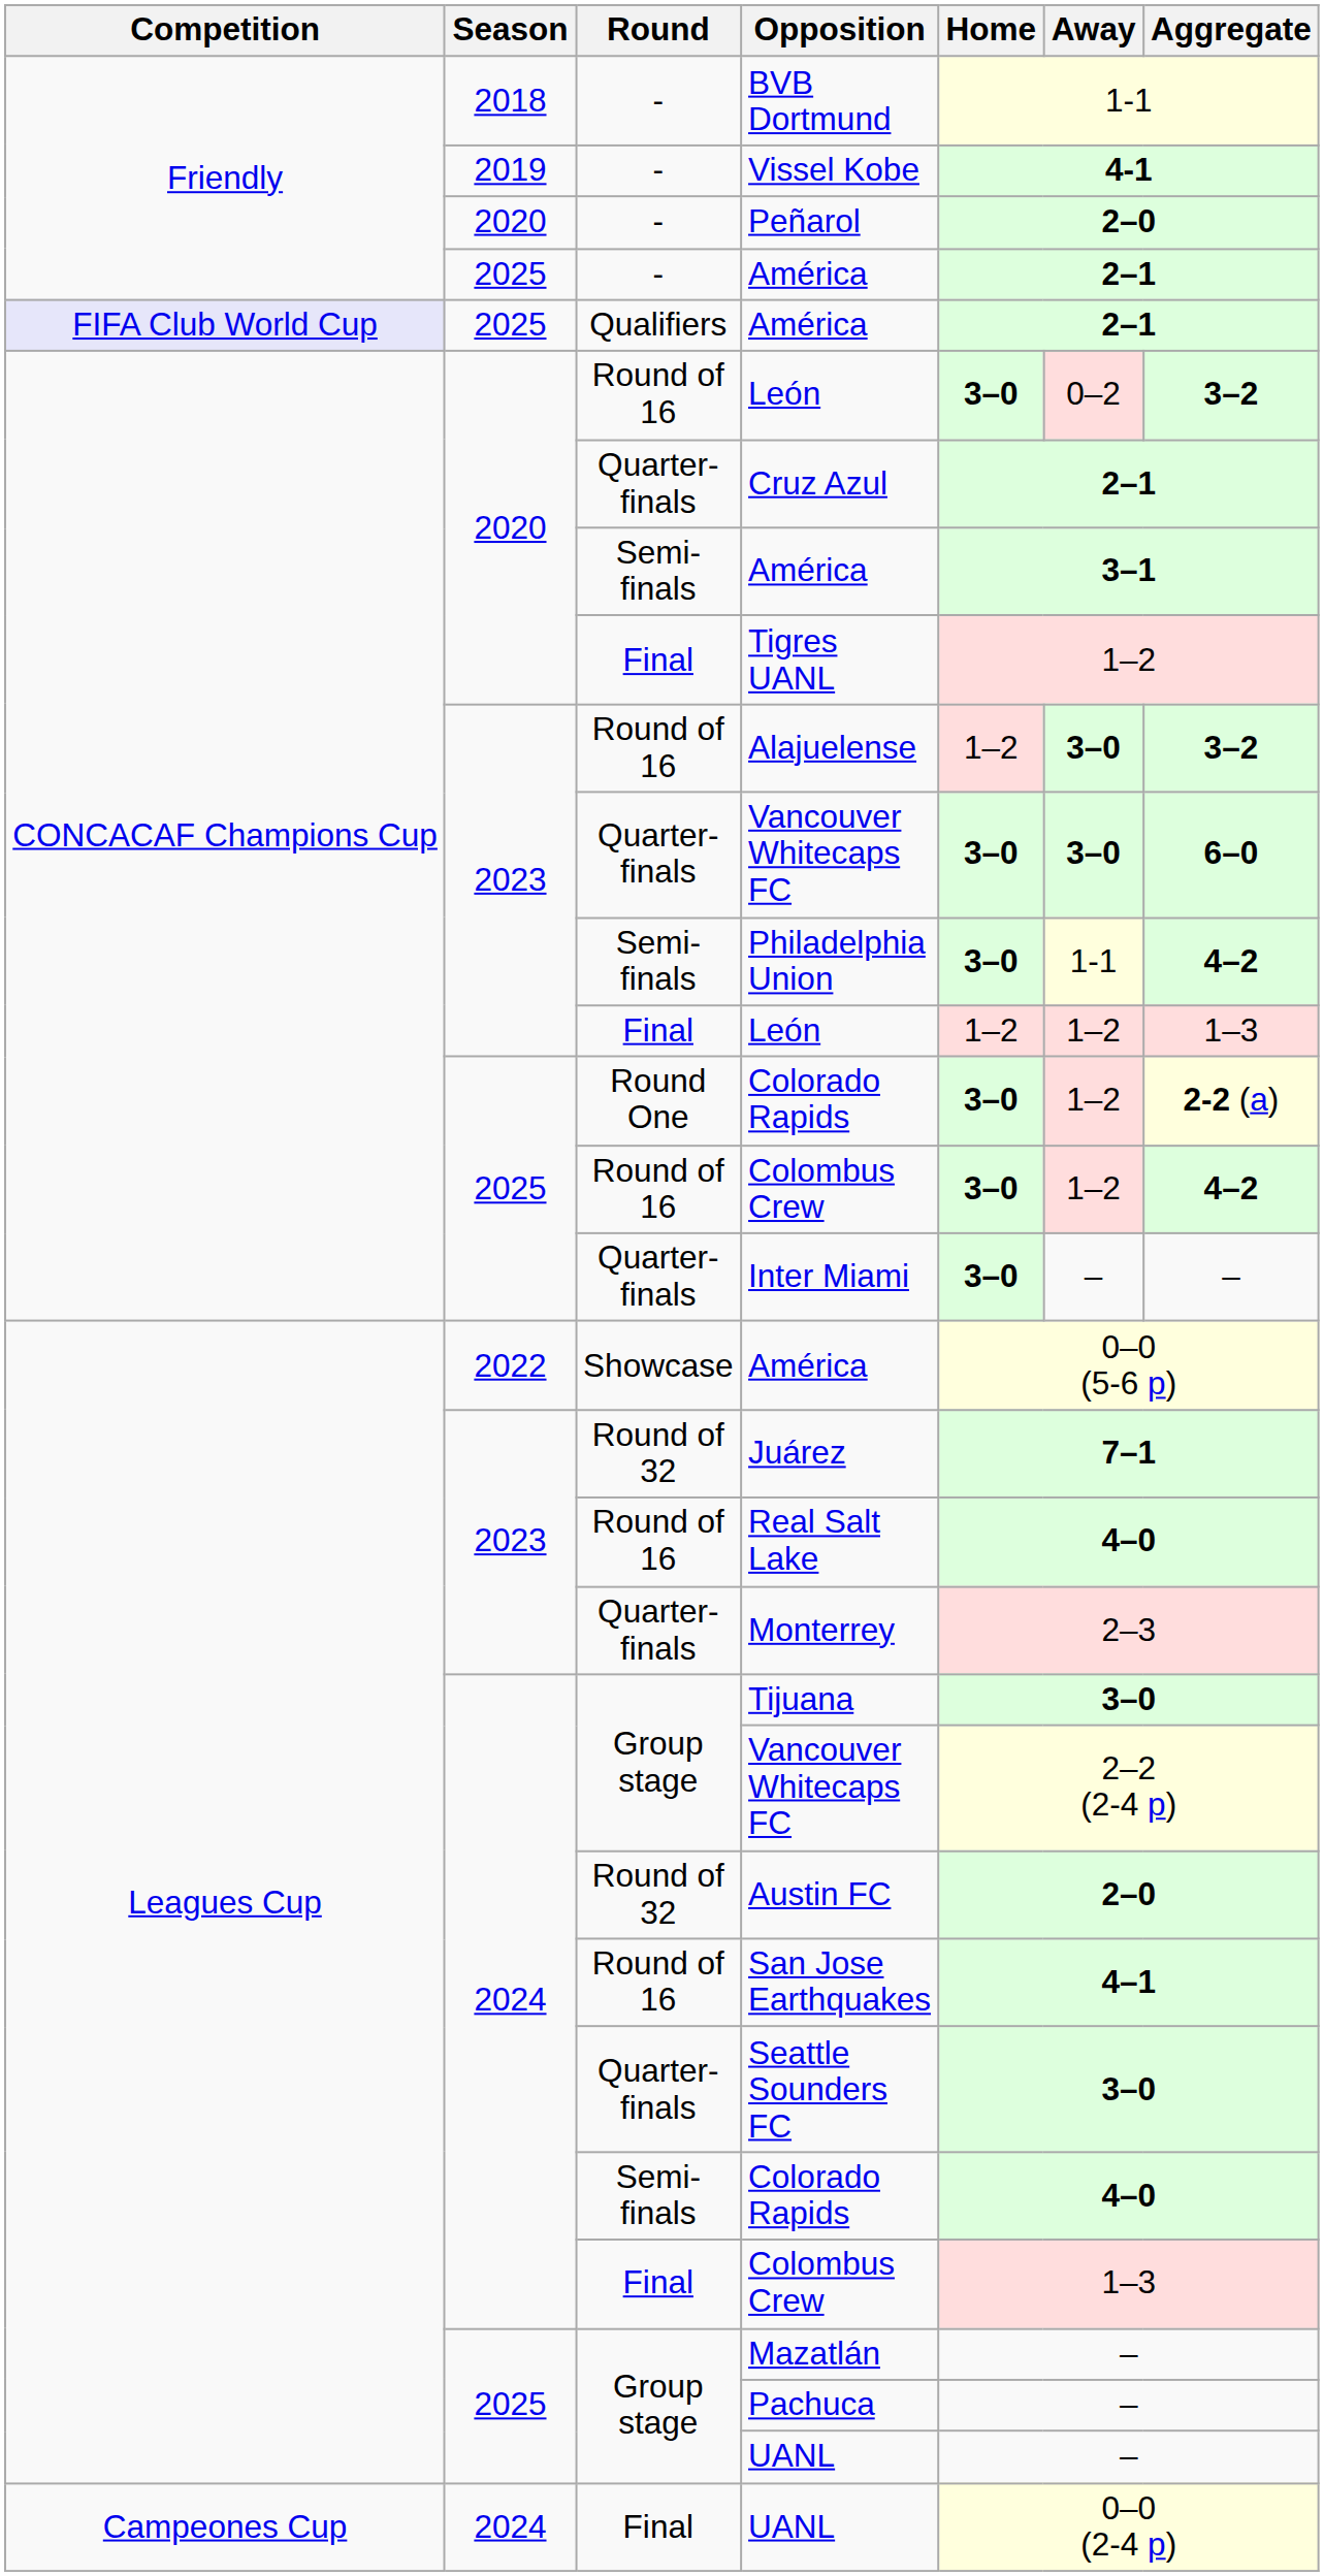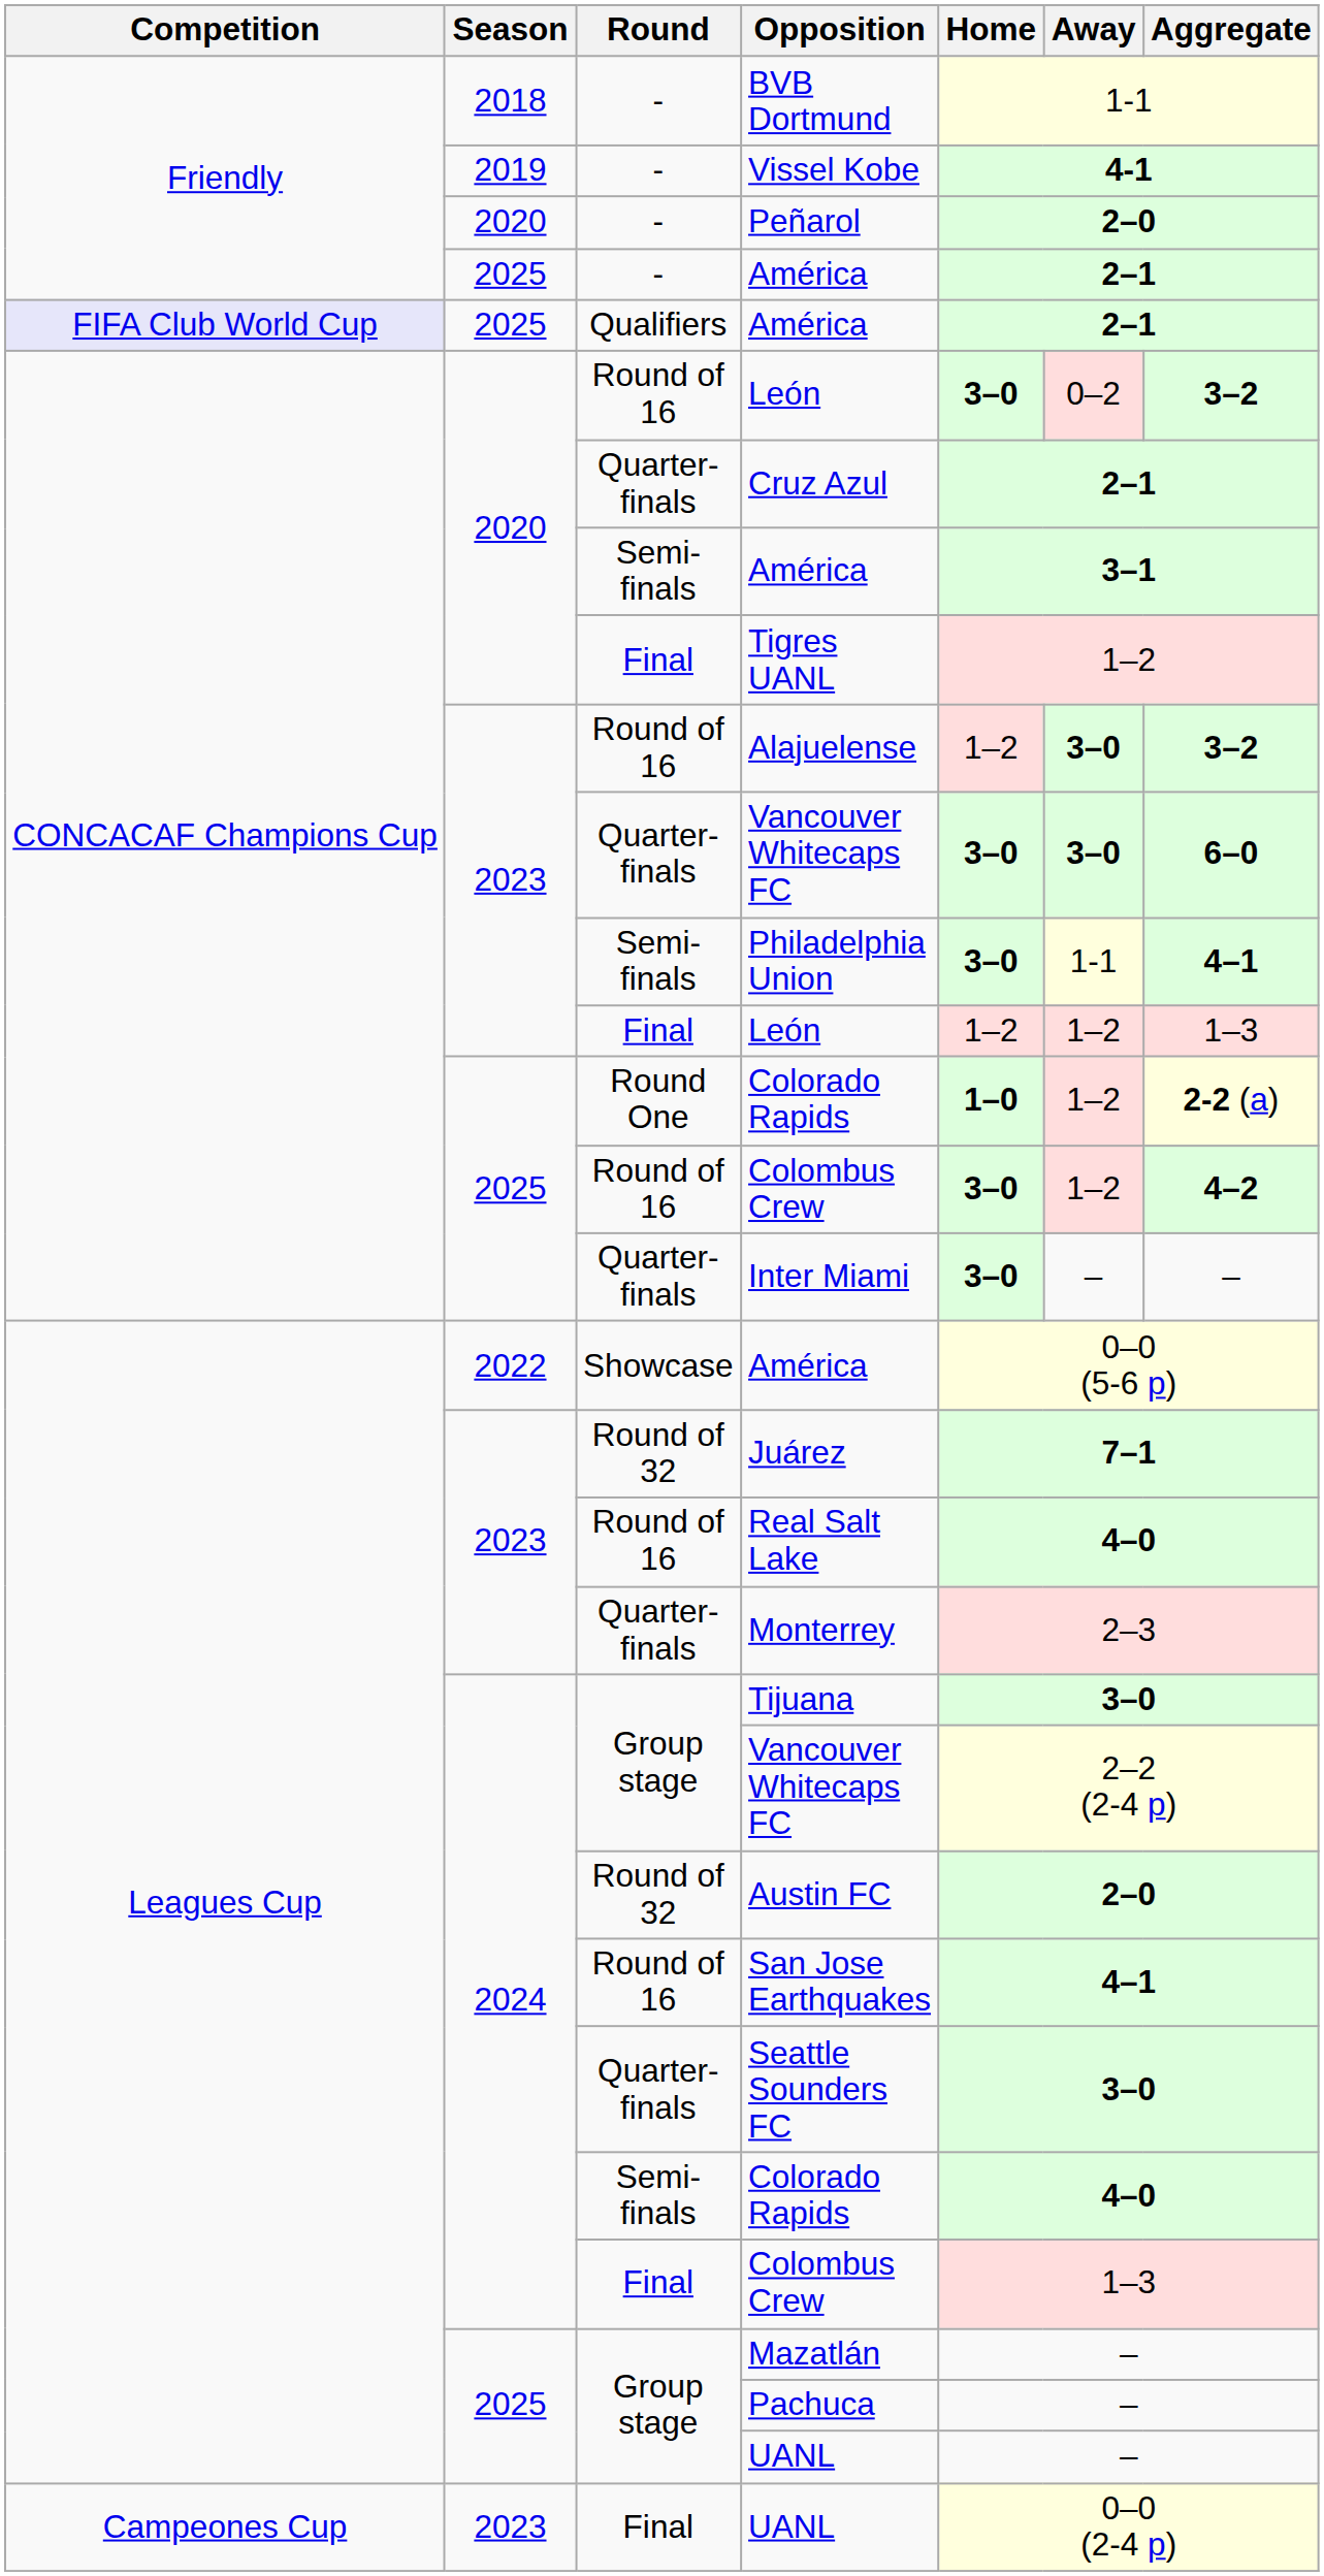 <table class="wikitable collapsible sortable" style="text-align:center; ">
 <tr>
 <th>Competition</th>
 <th>Season</th>
 <th width=1>Round</th>
 <th width=1>Opposition</th>
 <th>Home</th>
 <th>Away</th>
 <th>Aggregate</th>
 </tr>
 <tr>
 <td rowspan="4"><a href='#'>Friendly</a></td>
 <td><a href='#'>2018</a></td>
 <td>-</td>
 <td style="text-align:left;"> <a href='#'>BVB Dortmund</a></td>
 <td colspan="3" style="text-align:center; background:#ffd;">1-1</td>
 </tr>
 <tr>
 <td><a href='#'>2019</a></td>
 <td>-</td>
 <td style="text-align:left;"> <a href='#'>Vissel Kobe</a></td>
 <td colspan="3" style="text-align:center; background:#dfd;"><strong>4-1</strong></td>
 </tr>
 <tr>
 <td><a href='#'>2020</a></td>
 <td>-</td>
 <td style="text-align:left;"> <a href='#'>Peñarol</a></td>
 <td colspan="3" style="text-align:center; background:#dfd;"><strong>2–0</strong></td>
 </tr>
 <tr>
 <td><a href='#'>2025</a></td>
 <td>-</td>
 <td style="text-align:left;"> <a href='#'>América</a></td>
 <td colspan="3" style="text-align:center; background:#dfd;"><strong>2–1</strong></td>
 </tr>
 <tr>
 <td style="background: lavender;"><a href='#'>FIFA Club World Cup</a></td>
 <td><a href='#'>2025</a></td>
 <td>Qualifiers</td>
 <td style="text-align:left;"><a href='#'>América</a></td>
 <td colspan=3 style="text-align:center; background:#dfd;"><strong>2–1</strong></td>
 </tr>
 <tr>
 <td rowspan="11"><a href='#'>CONCACAF Champions Cup</a></td>
 <td rowspan="4"><a href='#'>2020</a></td>
 <td>Round of 16</td>
 <td style="text-align:left;"> <a href='#'>León</a></td>
 <td style="text-align:center; background:#dfd;"><strong>3–0</strong></td>
 <td style="text-align:center; background:#fdd;">0–2</td>
 <td style="text-align:center; background:#dfd;"><strong>3–2</strong></td>
 </tr>
 <tr>
 <td>Quarter-finals</td>
 <td style="text-align:left;"> <a href='#'>Cruz Azul</a></td>
 <td colspan=3 style="text-align:center; background:#dfd;"><strong>2–1</strong></td>
 </tr>
 <tr>
 <td>Semi-finals</td>
 <td style="text-align:left;"> <a href='#'>América</a></td>
 <td colspan=3 style="text-align:center; background:#dfd;"><strong>3–1</strong></td>
 </tr>
 <tr>
 <td><a href='#'>Final</a></td>
 <td style="text-align:left;"> <a href='#'>Tigres UANL</a></td>
 <td colspan=3 style="text-align:center; background:#fdd;">1–2</td>
 </tr>
 <tr>
 <td rowspan="4"><a href='#'>2023</a></td>
 <td>Round of 16</td>
 <td style="text-align:left;"> <a href='#'>Alajuelense</a></td>
 <td style="text-align:center; background:#fdd;">1–2</td>
 <td style="text-align:center; background:#dfd;"><strong>3–0</strong></td>
 <td style="text-align:center; background:#dfd;"><strong>3–2</strong></td>
 </tr>
 <tr>
 <td>Quarter-finals</td>
 <td style="text-align:left;"> <a href='#'>Vancouver Whitecaps FC</a></td>
 <td style="text-align:center; background:#dfd;"><strong>3–0</strong></td>
 <td style="text-align:center; background:#dfd;"><strong>3–0</strong></td>
 <td style="text-align:center; background:#dfd;"><strong>6–0</strong></td>
 </tr>
 <tr>
 <td>Semi-finals</td>
 <td style="text-align:left;"> <a href='#'>Philadelphia Union</a></td>
 <td style="text-align:center; background:#dfd;"><strong>3–0</strong></td>
 <td style="text-align:center; background:#ffd;">1-1</td>
-<td style="text-align:center; background:#dfd;"><strong>4–2</strong></td>
+<td style="text-align:center; background:#dfd;"><strong>4–1</strong></td>
 </tr>
 <tr>
 <td><a href='#'>Final</a></td>
 <td style="text-align:left;"> <a href='#'>León</a></td>
 <td style="text-align:center; background:#fdd;">1–2</td>
 <td style="text-align:center; background:#fdd;">1–2</td>
 <td style="text-align:center; background:#fdd;">1–3</td>
 </tr>
 <tr>
 <td rowspan="3"><a href='#'>2025</a></td>
 <td>Round One</td>
 <td style="text-align:left;"> <a href='#'>Colorado Rapids</a></td>
-<td style="text-align:center; background:#dfd;"><strong>3–0</strong></td>
+<td style="text-align:center; background:#dfd;"><strong>1–0</strong></td>
 <td style="text-align:center; background:#fdd;">1–2</td>
 <td style="text-align:center; background:#ffd;"><strong>2-2</strong> (<a href='#'>a</a>)</td>
 </tr>
 <tr>
 <td>Round of 16</td>
 <td style="text-align:left;"> <a href='#'>Colombus Crew</a></td>
 <td style="text-align:center; background:#dfd;"><strong>3–0</strong></td>
 <td style="text-align:center; background:#fdd;">1–2</td>
 <td style="text-align:center; background:#dfd;"><strong>4–2</strong></td>
 </tr>
 <tr>
 <td>Quarter-finals</td>
 <td style="text-align:left;"> <a href='#'>Inter Miami</a></td>
 <td style="text-align:center; background:#dfd;"><strong>3–0</strong></td>
 <td>–</td>
 <td>–</td>
 </tr>
 <tr>
 <td rowspan="14"><a href='#'>Leagues Cup</a></td>
 <td><a href='#'>2022</a></td>
 <td>Showcase</td>
 <td style="text-align:left;"> <a href='#'>América</a></td>
 <td colspan=3 style="text-align:center; background:#ffd;">0–0 <br>(5-6 <a href='#'>p</a>)</td>
 </tr>
 <tr>
 <td rowspan="3"><a href='#'>2023</a></td>
 <td>Round of 32</td>
 <td style="text-align:left;"> <a href='#'>Juárez</a></td>
 <td colspan=3 style="text-align:center; background:#dfd;"><strong>7–1</strong></td>
 </tr>
 <tr>
 <td>Round of 16</td>
 <td style="text-align:left;"> <a href='#'>Real Salt Lake</a></td>
 <td colspan=3 style="text-align:center; background:#dfd;"><strong>4–0</strong></td>
 </tr>
 <tr>
 <td>Quarter-finals</td>
 <td style="text-align:left;"> <a href='#'>Monterrey</a></td>
 <td colspan=3 style="text-align:center; background:#fdd;">2–3</td>
 </tr>
 <tr>
 <td rowspan="7"><a href='#'>2024</a></td>
 <td rowspan="2">Group stage</td>
 <td style="text-align:left;"> <a href='#'>Tijuana</a></td>
 <td colspan=3 style="text-align:center; background:#dfd;"><strong>3–0</strong></td>
 </tr>
 <tr>
 <td style="text-align:left;"> <a href='#'>Vancouver Whitecaps FC</a></td>
 <td colspan=3 style="text-align:center; background:#ffd;">2–2 <br>(2-4 <a href='#'>p</a>)</td>
 </tr>
 <tr>
 <td>Round of 32</td>
 <td style="text-align:left;"> <a href='#'>Austin FC</a></td>
 <td colspan=3 style="text-align:center; background:#dfd;"><strong>2–0</strong></td>
 </tr>
 <tr>
 <td>Round of 16</td>
 <td style="text-align:left;"> <a href='#'>San Jose Earthquakes</a></td>
 <td colspan=3 style="text-align:center; background:#dfd;"><strong>4–1</strong></td>
 </tr>
 <tr>
 <td>Quarter-finals</td>
 <td style="text-align:left;"> <a href='#'>Seattle Sounders FC</a></td>
 <td colspan=3 style="text-align:center; background:#dfd;"><strong>3–0</strong></td>
 </tr>
 <tr>
 <td>Semi-finals</td>
 <td style="text-align:left;"> <a href='#'>Colorado Rapids</a></td>
 <td colspan=3 style="text-align:center; background:#dfd;"><strong>4–0</strong></td>
 </tr>
 <tr>
 <td><a href='#'>Final</a></td>
 <td style="text-align:left;"> <a href='#'>Colombus Crew</a></td>
 <td colspan=3 style="text-align:center; background:#fdd;">1–3</td>
 </tr>
 <tr>
 <td rowspan="3"><a href='#'>2025</a></td>
 <td rowspan="3">Group stage</td>
 <td style="text-align:left;"><a href='#'>Mazatlán</a></td>
 <td colspan=3>–</td>
 </tr>
 <tr>
 <td style="text-align:left;"><a href='#'>Pachuca</a></td>
 <td colspan=3>–</td>
 </tr>
 <tr>
 <td style="text-align:left;"><a href='#'>UANL</a></td>
 <td colspan=3>–</td>
 </tr>
 <tr>
 <td><a href='#'>Campeones Cup</a></td>
-<td><a href='#'>2024</a></td>
+<td><a href='#'>2023</a></td>
 <td>Final</td>
 <td style="text-align:left;"><a href='#'>UANL</a></td>
 <td colspan=3 style="text-align:center; background:#ffd;">0–0 <br>(2-4 <a href='#'>p</a>)</td>
 </tr>
 </table>
